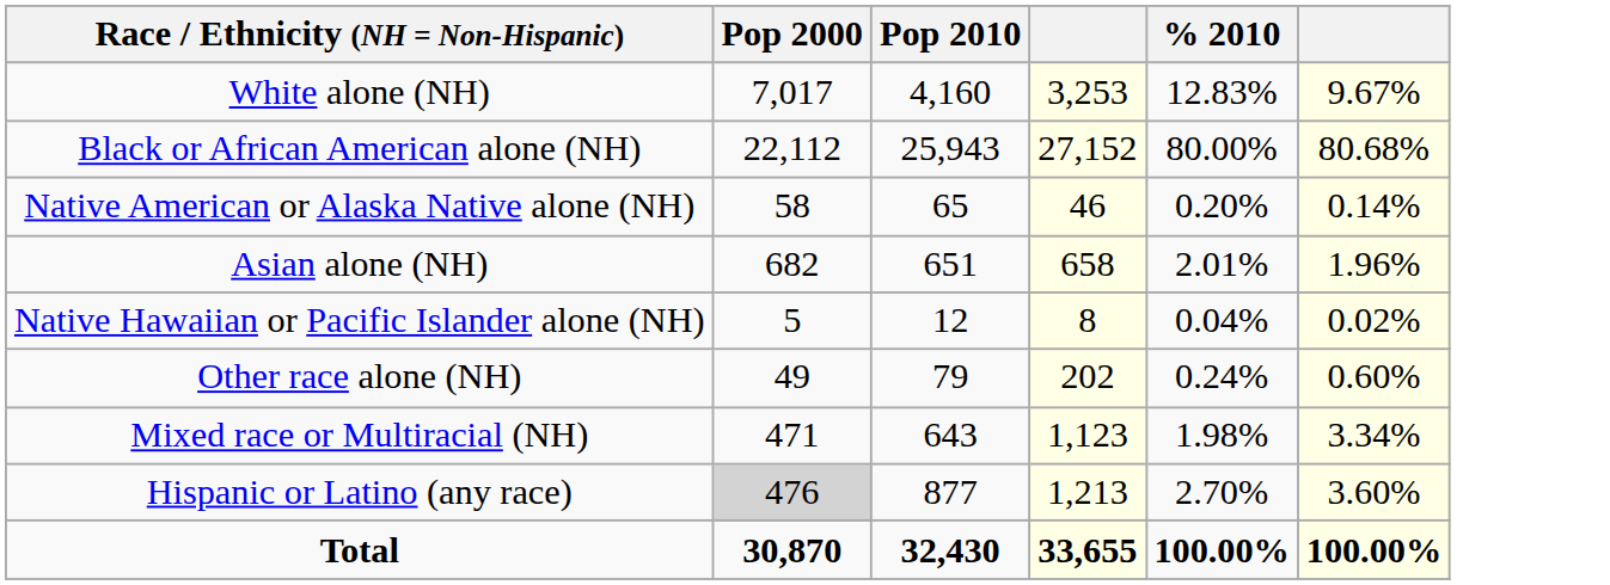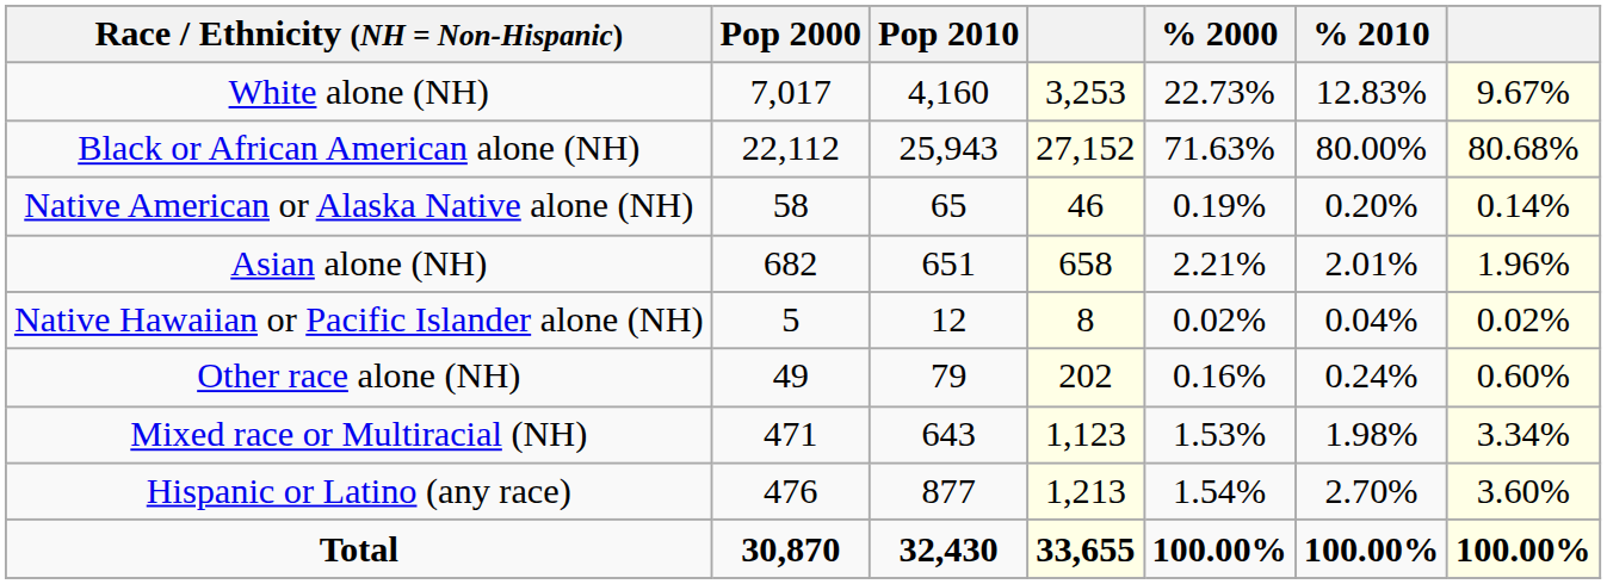 <table class="wikitable" style="text-align:center;">
 <tr>
 <th>Race / Ethnicity <small>(<em>NH = Non-Hispanic</em>)</small></th>
 <th>Pop 2000</th>
 <th>Pop 2010</th>
 <th></th>
+<th>% 2000</th>
 <th>% 2010</th>
 <th></th>
 </tr>
 <tr>
 <td><a href='#'>White</a> alone (NH)</td>
 <td>7,017</td>
 <td>4,160</td>
 <td style='background: #ffffe6;'>3,253</td>
+<td>22.73%</td>
 <td>12.83%</td>
 <td style='background: #ffffe6;'>9.67%</td>
 </tr>
 <tr>
 <td><a href='#'>Black or African American</a> alone (NH)</td>
 <td>22,112</td>
 <td>25,943</td>
 <td style='background: #ffffe6;'>27,152</td>
+<td>71.63%</td>
 <td>80.00%</td>
 <td style='background: #ffffe6;'>80.68%</td>
 </tr>
 <tr>
 <td><a href='#'>Native American</a> or <a href='#'>Alaska Native</a> alone (NH)</td>
 <td>58</td>
 <td>65</td>
 <td style='background: #ffffe6;'>46</td>
+<td>0.19%</td>
 <td>0.20%</td>
 <td style='background: #ffffe6;'>0.14%</td>
 </tr>
 <tr>
 <td><a href='#'>Asian</a> alone (NH)</td>
 <td>682</td>
 <td>651</td>
 <td style='background: #ffffe6;'>658</td>
+<td>2.21%</td>
 <td>2.01%</td>
 <td style='background: #ffffe6;'>1.96%</td>
 </tr>
 <tr>
 <td><a href='#'>Native Hawaiian</a> or <a href='#'>Pacific Islander</a> alone (NH)</td>
 <td>5</td>
 <td>12</td>
 <td style='background: #ffffe6;'>8</td>
+<td>0.02%</td>
 <td>0.04%</td>
 <td style='background: #ffffe6;'>0.02%</td>
 </tr>
 <tr>
 <td><a href='#'>Other race</a> alone (NH)</td>
 <td>49</td>
 <td>79</td>
 <td style='background: #ffffe6;'>202</td>
+<td>0.16%</td>
 <td>0.24%</td>
 <td style='background: #ffffe6;'>0.60%</td>
 </tr>
 <tr>
 <td><a href='#'>Mixed race or Multiracial</a> (NH)</td>
 <td>471</td>
 <td>643</td>
 <td style='background: #ffffe6;'>1,123</td>
+<td>1.53%</td>
 <td>1.98%</td>
 <td style='background: #ffffe6;'>3.34%</td>
 </tr>
 <tr>
 <td><a href='#'>Hispanic or Latino</a> (any race)</td>
-<td style="background: lightgrey;">476</td>
+<td>476</td>
 <td>877</td>
 <td style='background: #ffffe6;'>1,213</td>
+<td>1.54%</td>
 <td>2.70%</td>
 <td style='background: #ffffe6;'>3.60%</td>
 </tr>
 <tr>
 <td><strong>Total</strong></td>
 <td><strong>30,870</strong></td>
 <td><strong>32,430</strong></td>
 <td style='background: #ffffe6;'><strong>33,655</strong></td>
 <td><strong>100.00%</strong></td>
+<td><strong>100.00%</strong></td>
 <td style='background: #ffffe6;'><strong>100.00%</strong></td>
 </tr>
 </table>
